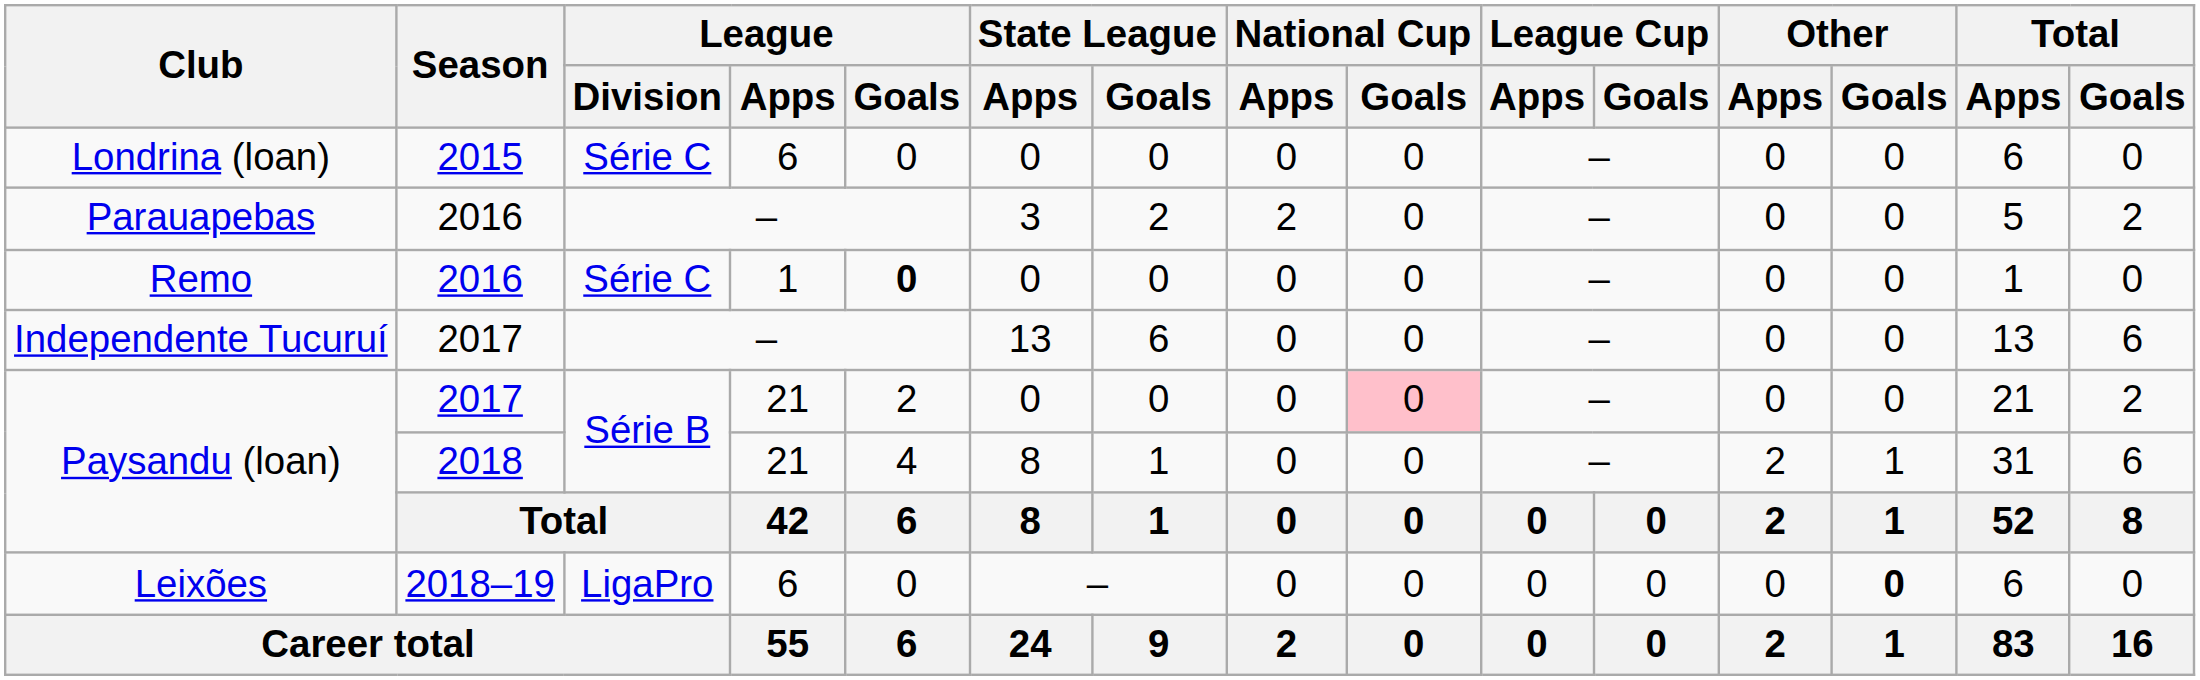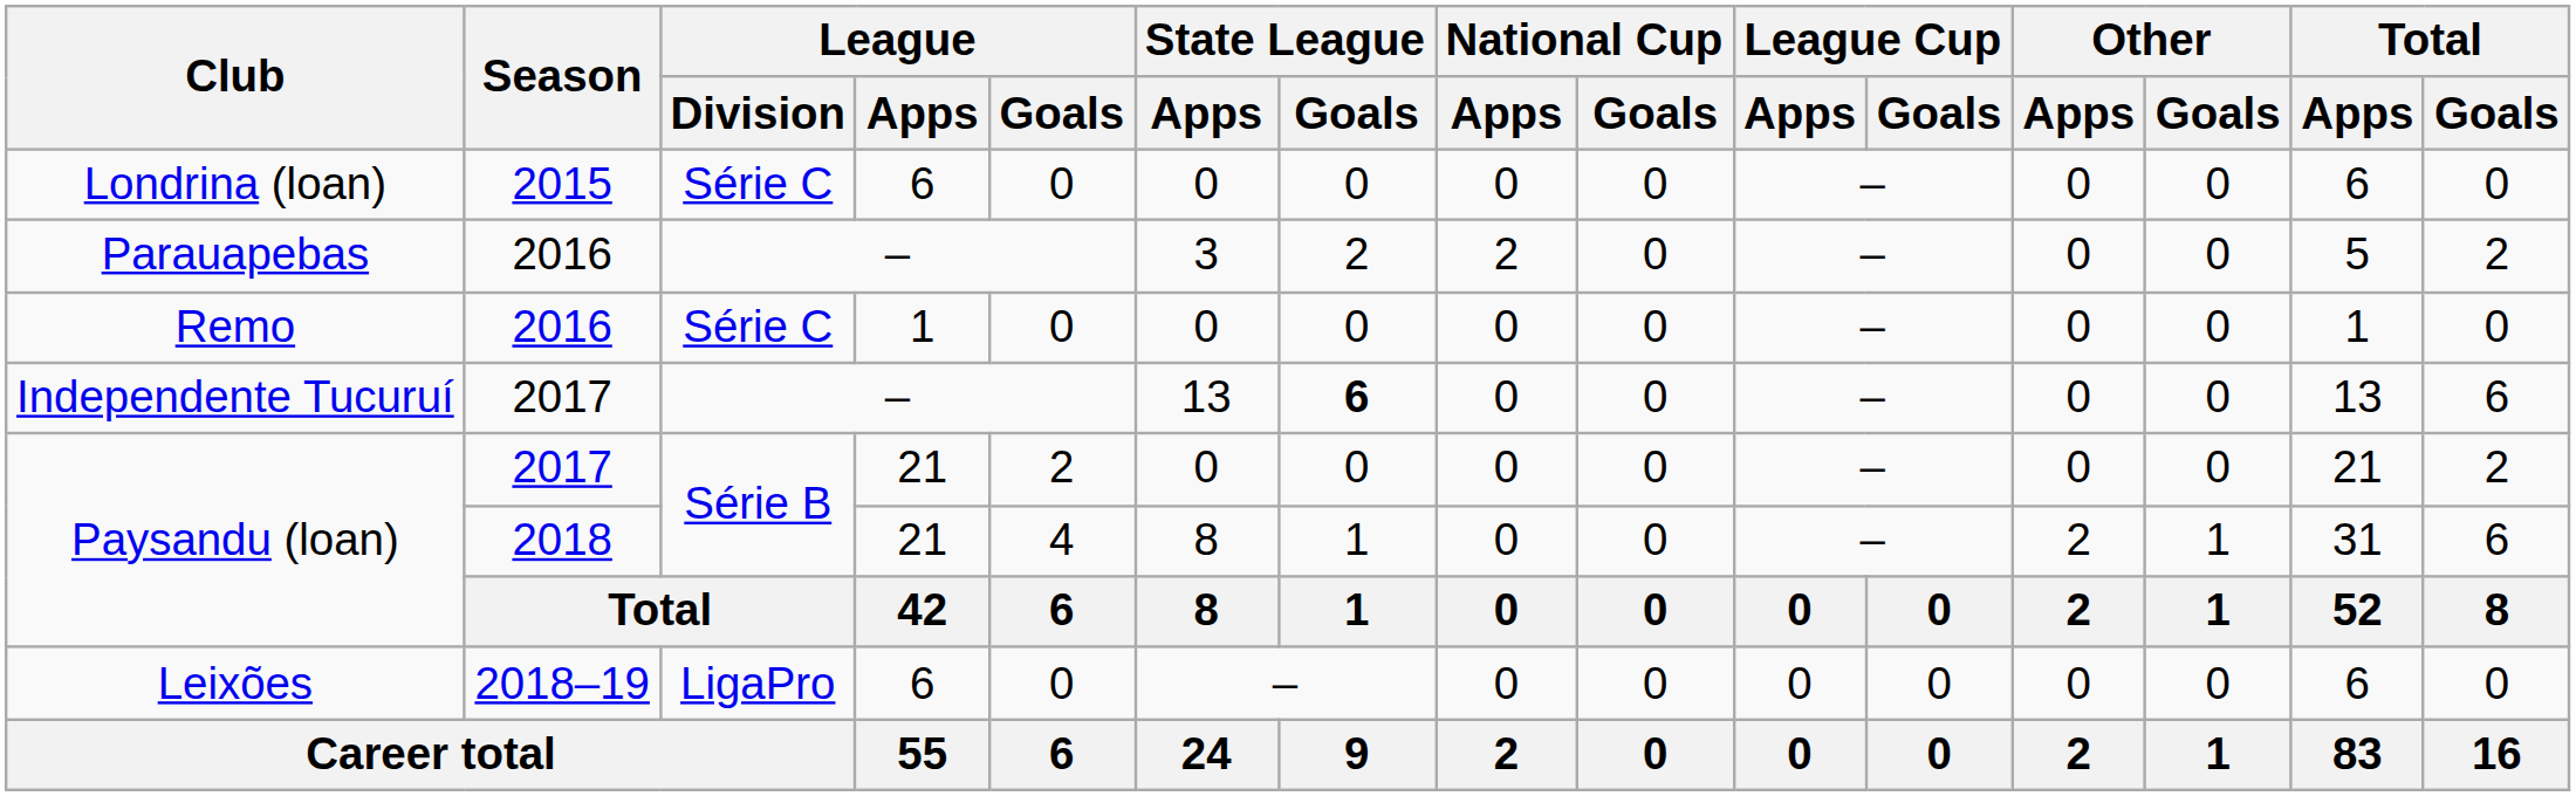 <table class="wikitable" style="text-align: center">
 <tr>
 <th rowspan="2">Club</th>
 <th rowspan="2">Season</th>
 <th colspan="3">League</th>
 <th colspan="2">State League</th>
 <th colspan="2">National Cup</th>
 <th colspan="2">League Cup</th>
 <th colspan="2">Other</th>
 <th colspan="2">Total</th>
 </tr>
 <tr>
 <th>Division</th>
 <th>Apps</th>
 <th>Goals</th>
 <th>Apps</th>
 <th>Goals</th>
 <th>Apps</th>
 <th>Goals</th>
 <th>Apps</th>
 <th>Goals</th>
 <th>Apps</th>
 <th>Goals</th>
 <th>Apps</th>
 <th>Goals</th>
 </tr>
 <tr>
 <td><a href='#'>Londrina</a> (loan)</td>
 <td><a href='#'>2015</a></td>
 <td><a href='#'>Série C</a></td>
 <td>6</td>
 <td>0</td>
 <td>0</td>
 <td>0</td>
 <td>0</td>
 <td>0</td>
 <td colspan="2">–</td>
 <td>0</td>
 <td>0</td>
 <td>6</td>
 <td>0</td>
 </tr>
 <tr>
 <td><a href='#'>Parauapebas</a></td>
 <td>2016</td>
 <td colspan="3">–</td>
 <td>3</td>
 <td>2</td>
 <td>2</td>
 <td>0</td>
 <td colspan="2">–</td>
 <td>0</td>
 <td>0</td>
 <td>5</td>
 <td>2</td>
 </tr>
 <tr>
 <td><a href='#'>Remo</a></td>
 <td><a href='#'>2016</a></td>
 <td><a href='#'>Série C</a></td>
 <td>1</td>
-<td><strong>0</strong></td>
+<td>0</td>
 <td>0</td>
 <td>0</td>
 <td>0</td>
 <td>0</td>
 <td colspan="2">–</td>
 <td>0</td>
 <td>0</td>
 <td>1</td>
 <td>0</td>
 </tr>
 <tr>
 <td><a href='#'>Independente Tucuruí</a></td>
 <td>2017</td>
 <td colspan="3">–</td>
 <td>13</td>
-<td>6</td>
+<td><strong>6</strong></td>
 <td>0</td>
 <td>0</td>
 <td colspan="2">–</td>
 <td>0</td>
 <td>0</td>
 <td>13</td>
 <td>6</td>
 </tr>
 <tr>
 <td rowspan="3"><a href='#'>Paysandu</a> (loan)</td>
 <td><a href='#'>2017</a></td>
 <td rowspan="2"><a href='#'>Série B</a></td>
 <td>21</td>
 <td>2</td>
 <td>0</td>
 <td>0</td>
 <td>0</td>
-<td style="background: pink;">0</td>
+<td>0</td>
 <td colspan="2">–</td>
 <td>0</td>
 <td>0</td>
 <td>21</td>
 <td>2</td>
 </tr>
 <tr>
 <td><a href='#'>2018</a></td>
 <td>21</td>
 <td>4</td>
 <td>8</td>
 <td>1</td>
 <td>0</td>
 <td>0</td>
 <td colspan="2">–</td>
 <td>2</td>
 <td>1</td>
 <td>31</td>
 <td>6</td>
 </tr>
 <tr>
 <th colspan="2"><strong>Total</strong></th>
 <th>42</th>
 <th>6</th>
 <th>8</th>
 <th>1</th>
 <th>0</th>
 <th>0</th>
 <th>0</th>
 <th>0</th>
 <th>2</th>
 <th>1</th>
 <th>52</th>
 <th>8</th>
 </tr>
 <tr>
 <td><a href='#'>Leixões</a></td>
 <td><a href='#'>2018–19</a></td>
 <td><a href='#'>LigaPro</a></td>
 <td>6</td>
 <td>0</td>
 <td colspan="2">–</td>
 <td>0</td>
 <td>0</td>
 <td>0</td>
 <td>0</td>
 <td>0</td>
-<td><strong>0</strong></td>
+<td>0</td>
 <td>6</td>
 <td>0</td>
 </tr>
 <tr>
 <th colspan="3"><strong>Career total</strong></th>
 <th>55</th>
 <th>6</th>
 <th>24</th>
 <th>9</th>
 <th>2</th>
 <th>0</th>
 <th>0</th>
 <th>0</th>
 <th>2</th>
 <th>1</th>
 <th>83</th>
 <th>16</th>
 </tr>
 </table>
